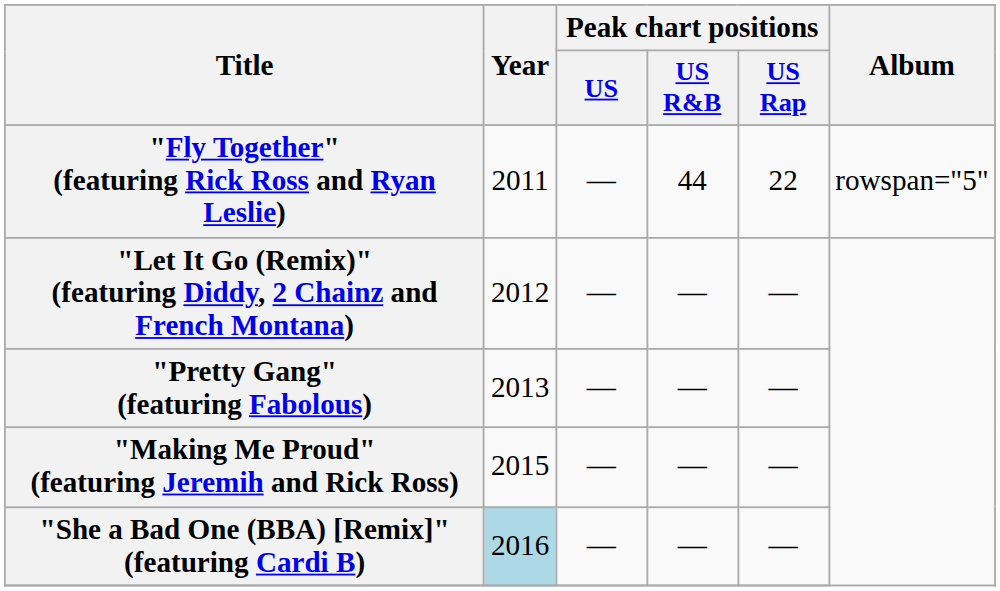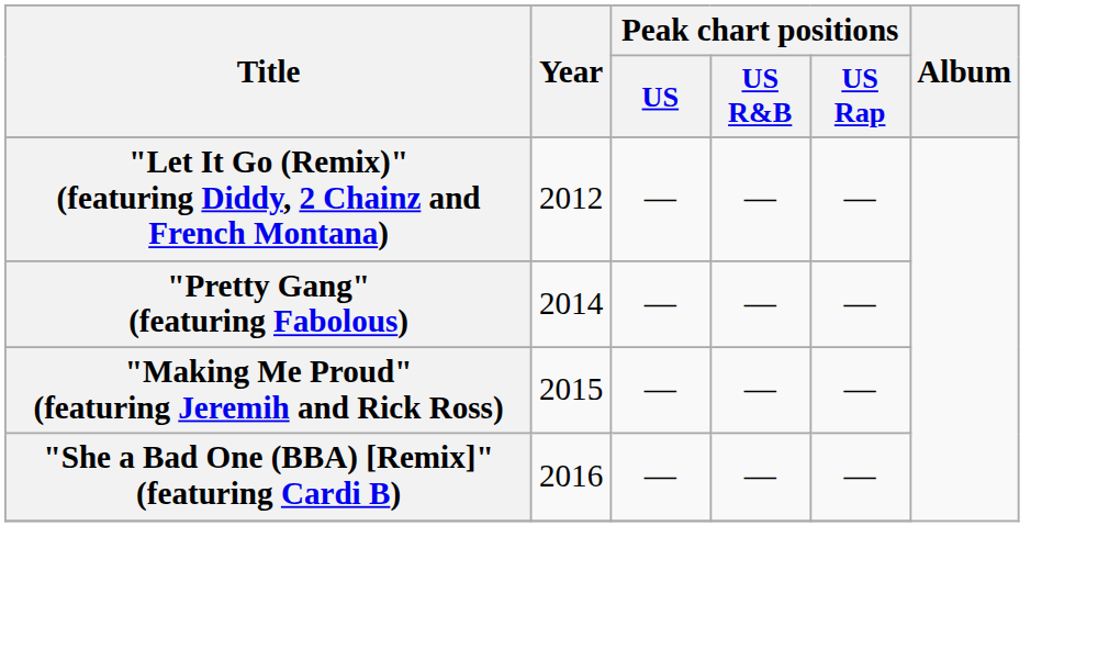 <table class="wikitable plainrowheaders" style="text-align:center;">
 <tr>
 <th scope="col" rowspan="2" style="width:16em;">Title</th>
 <th scope="col" rowspan="2">Year</th>
 <th scope="col" colspan="3">Peak chart positions</th>
 <th scope="col" rowspan="2">Album</th>
 </tr>
 <tr>
 <th style="width:3em; font-size:90%"><a href='#'>US</a><br></th>
 <th style="width:3em; font-size:90%"><a href='#'>US<br>R&B</a><br></th>
 <th style="width:3em; font-size:90%"><a href='#'>US<br>Rap</a><br></th>
 </tr>
 <tr>
-<th scope="row">"<a href='#'>Fly Together</a>"<br><span>(featuring <a href='#'>Rick Ross</a> and <a href='#'>Ryan Leslie</a>)</span></th>
-<td>2011</td>
-<td>—</td>
-<td>44</td>
-<td>22</td>
-<td>rowspan="5" </td>
-</tr>
-<tr>
 <th scope="row">"Let It Go (Remix)"<br><span>(featuring <a href='#'>Diddy</a>, <a href='#'>2 Chainz</a> and <a href='#'>French Montana</a>)</span></th>
 <td>2012</td>
 <td>—</td>
 <td>—</td>
 <td>—</td>
 </tr>
 <tr>
 <th scope="row">"Pretty Gang"<br><span>(featuring <a href='#'>Fabolous</a>)</span></th>
-<td>2013</td>
+<td>2014</td>
 <td>—</td>
 <td>—</td>
 <td>—</td>
 </tr>
 <tr>
 <th scope="row">"Making Me Proud"<br><span>(featuring <a href='#'>Jeremih</a> and Rick Ross)</span></th>
 <td>2015</td>
 <td>—</td>
 <td>—</td>
 <td>—</td>
 </tr>
 <tr>
 <th scope="row">"She a Bad One (BBA) [Remix]"<br><span>(featuring <a href='#'>Cardi B</a>)</span></th>
-<td style="background: lightblue;">2016</td>
+<td>2016</td>
 <td>—</td>
 <td>—</td>
 <td>—</td>
 </tr>
 <tr>
 </tr>
 </table>
